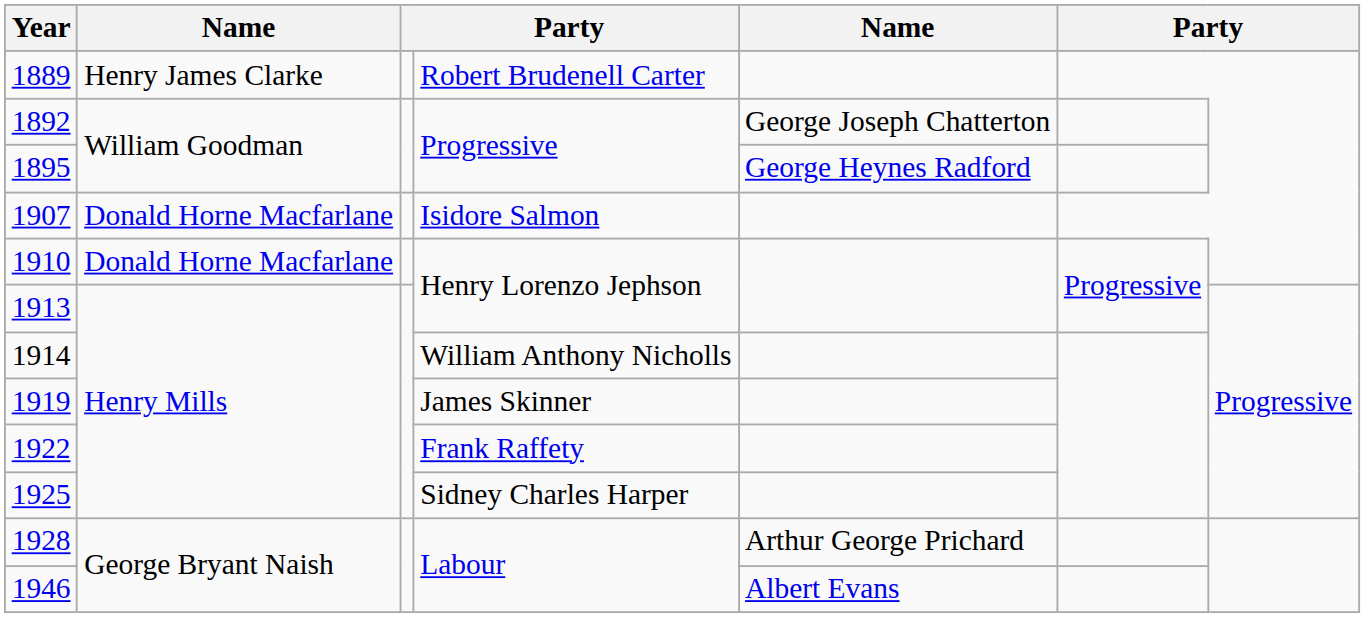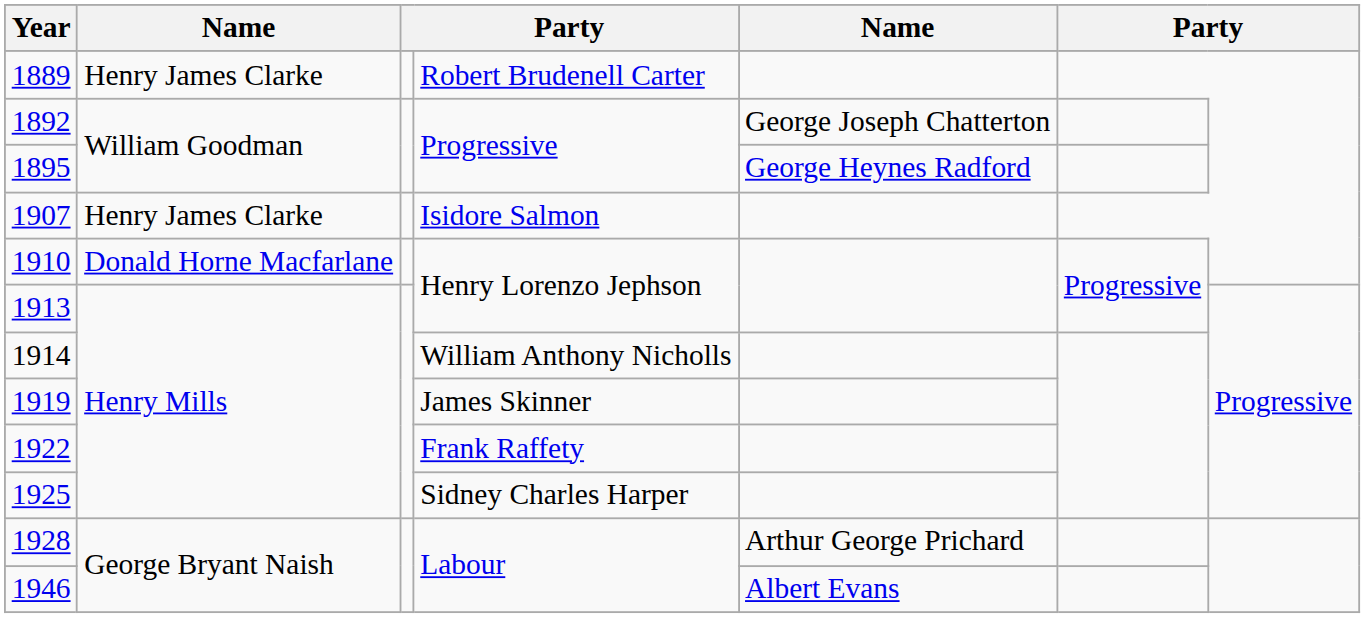 <table class="wikitable">
 <tr>
 <th>Year</th>
 <th>Name</th>
 <th colspan=2>Party</th>
 <th>Name</th>
 <th colspan=2>Party</th>
 </tr>
 <tr>
 <td><a href='#'>1889</a></td>
 <td>Henry James Clarke</td>
 <td></td>
 <td><a href='#'>Robert Brudenell Carter</a></td>
 <td></td>
 </tr>
 <tr>
 <td><a href='#'>1892</a></td>
 <td rowspan=2>William Goodman</td>
 <td rowspan=2 style="background-color: "></td>
 <td rowspan=2><a href='#'>Progressive</a></td>
 <td>George Joseph Chatterton</td>
 <td></td>
 </tr>
 <tr>
 <td><a href='#'>1895</a></td>
 <td><a href='#'>George Heynes Radford</a></td>
 <td></td>
 </tr>
 <tr>
 <td><a href='#'>1907</a></td>
-<td><a href='#'>Donald Horne Macfarlane</a></td>
+<td>Henry James Clarke</td>
 <td></td>
 <td><a href='#'>Isidore Salmon</a></td>
 <td></td>
 </tr>
 <tr>
 <td><a href='#'>1910</a></td>
 <td><a href='#'>Donald Horne Macfarlane</a></td>
 <td></td>
 <td rowspan=2>Henry Lorenzo Jephson</td>
 <td rowspan=2 style="background-color: "></td>
 <td rowspan=2><a href='#'>Progressive</a></td>
 </tr>
 <tr>
 <td><a href='#'>1913</a></td>
 <td rowspan=5><a href='#'>Henry Mills</a></td>
 <td rowspan=5 style="background-color: "></td>
 <td rowspan=5><a href='#'>Progressive</a></td>
 </tr>
 <tr>
 <td>1914</td>
 <td>William Anthony Nicholls</td>
 <td></td>
 </tr>
 <tr>
 <td><a href='#'>1919</a></td>
 <td>James Skinner</td>
 <td></td>
 </tr>
 <tr>
 <td><a href='#'>1922</a></td>
 <td><a href='#'>Frank Raffety</a></td>
 <td></td>
 </tr>
 <tr>
 <td><a href='#'>1925</a></td>
 <td>Sidney Charles Harper</td>
 <td></td>
 </tr>
 <tr>
 <td><a href='#'>1928</a></td>
 <td rowspan=2>George Bryant Naish</td>
 <td rowspan=2 style="background-color: "></td>
 <td rowspan=2><a href='#'>Labour</a></td>
 <td>Arthur George Prichard</td>
 <td></td>
 </tr>
 <tr>
 <td><a href='#'>1946</a></td>
 <td><a href='#'>Albert Evans</a></td>
 <td></td>
 </tr>
 </table>
